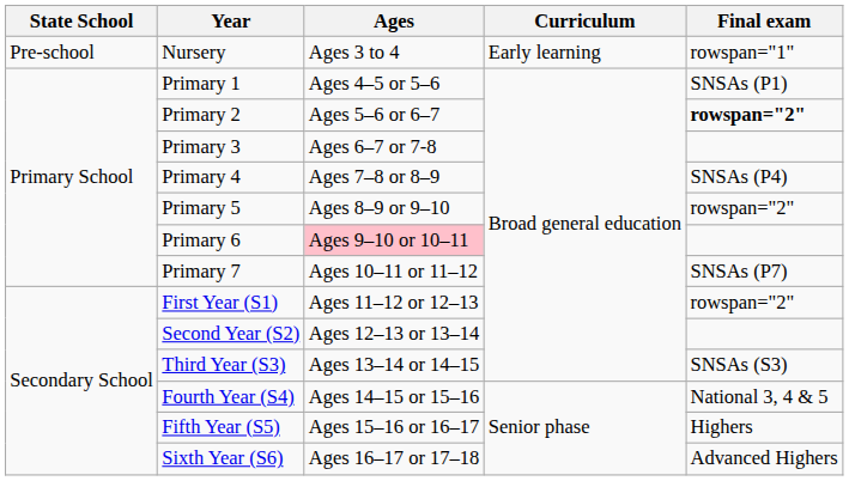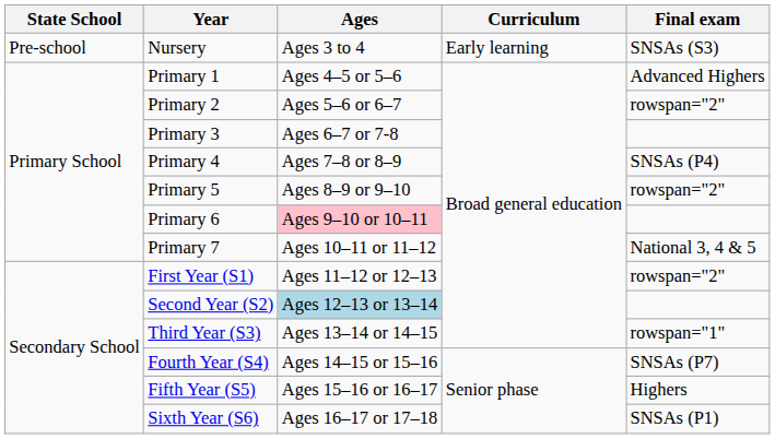 <table class="wikitable">
 <tr>
 <th>State School</th>
 <th>Year</th>
 <th>Ages</th>
 <th>Curriculum</th>
 <th>Final exam</th>
 </tr>
 <tr>
 <td rowspan= "1">Pre-school</td>
 <td>Nursery</td>
 <td>Ages 3 to 4</td>
 <td rowspan="1">Early learning</td>
-<td>rowspan="1" </td>
+<td>SNSAs (S3)</td>
 </tr>
 <tr>
 <td rowspan="7">Primary School</td>
 <td>Primary 1</td>
 <td>Ages 4–5 or 5–6</td>
 <td rowspan="10">Broad general education</td>
-<td>SNSAs (P1)</td>
+<td>Advanced Highers</td>
 </tr>
 <tr>
 <td>Primary 2</td>
 <td>Ages 5–6 or 6–7</td>
-<td><strong>rowspan="2" </strong></td>
+<td>rowspan="2" </td>
 </tr>
 <tr>
 <td>Primary 3</td>
 <td>Ages 6–7 or 7-8</td>
 </tr>
 <tr>
 <td>Primary 4</td>
 <td>Ages 7–8 or 8–9</td>
 <td>SNSAs (P4)</td>
 </tr>
 <tr>
 <td>Primary 5</td>
 <td>Ages 8–9 or 9–10</td>
 <td>rowspan="2" </td>
 </tr>
 <tr>
 <td>Primary 6</td>
 <td style="background: pink;">Ages 9–10 or 10–11</td>
 </tr>
 <tr>
 <td>Primary 7</td>
 <td>Ages 10–11 or 11–12</td>
-<td>SNSAs (P7)</td>
+<td>National 3, 4 & 5</td>
 </tr>
 <tr>
 <td rowspan="6">Secondary School</td>
 <td><a href='#'>First Year (S1)</a></td>
 <td>Ages 11–12 or 12–13</td>
 <td>rowspan="2" </td>
 </tr>
 <tr>
 <td><a href='#'>Second Year (S2)</a></td>
-<td>Ages 12–13 or 13–14</td>
+<td style="background: lightblue;">Ages 12–13 or 13–14</td>
 </tr>
 <tr>
 <td><a href='#'>Third Year (S3)</a></td>
 <td>Ages 13–14 or 14–15</td>
-<td>SNSAs (S3)</td>
+<td>rowspan="1" </td>
 </tr>
 <tr>
 <td><a href='#'>Fourth Year (S4)</a></td>
 <td>Ages 14–15 or 15–16</td>
 <td rowspan="3">Senior phase</td>
-<td>National 3, 4 & 5</td>
+<td>SNSAs (P7)</td>
 </tr>
 <tr>
 <td><a href='#'>Fifth Year (S5)</a></td>
 <td>Ages 15–16 or 16–17</td>
 <td>Highers</td>
 </tr>
 <tr>
 <td><a href='#'>Sixth Year (S6)</a></td>
 <td>Ages 16–17 or 17–18</td>
-<td>Advanced Highers</td>
+<td>SNSAs (P1)</td>
 </tr>
 </table>
